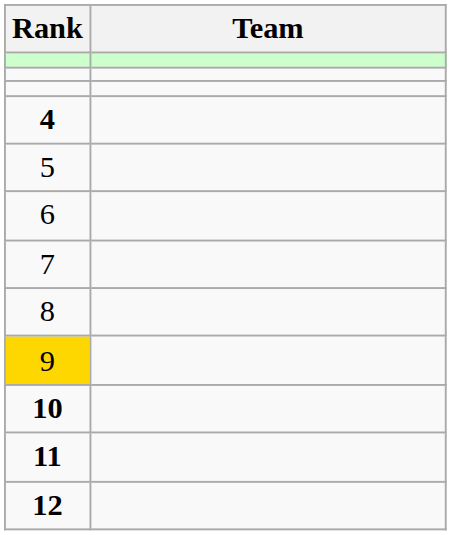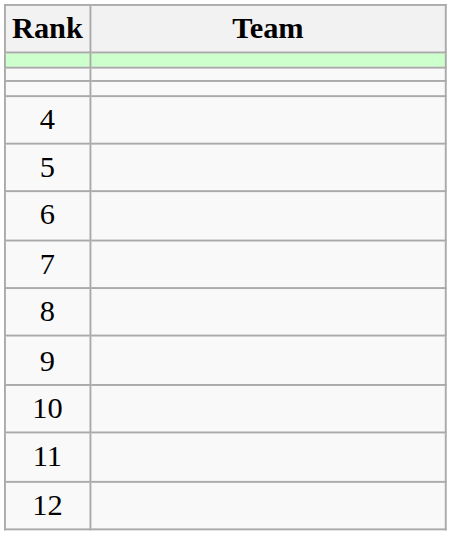 <table class=wikitable style="text-align:center;">
 <tr>
 <th>Rank</th>
 <th width=180>Team</th>
 </tr>
 <tr bgcolor=#CCFFCC>
 <td></td>
 <td align=left></td>
 </tr>
 <tr>
 <td></td>
 <td align=left></td>
 </tr>
 <tr>
 <td></td>
 <td align=left></td>
 </tr>
 <tr>
-<td><strong>4</strong></td>
+<td>4</td>
 <td align=left></td>
 </tr>
 <tr>
 <td>5</td>
 <td align=left></td>
 </tr>
 <tr>
 <td>6</td>
 <td align=left></td>
 </tr>
 <tr>
 <td>7</td>
 <td align=left></td>
 </tr>
 <tr>
 <td>8</td>
 <td align=left></td>
 </tr>
 <tr>
-<td style="background: gold;">9</td>
+<td>9</td>
 <td align=left></td>
 </tr>
 <tr>
-<td><strong>10</strong></td>
+<td>10</td>
 <td align=left></td>
 </tr>
 <tr>
-<td><strong>11</strong></td>
+<td>11</td>
 <td align=left></td>
 </tr>
 <tr>
-<td><strong>12</strong></td>
+<td>12</td>
 <td align=left></td>
 </tr>
 </table>
